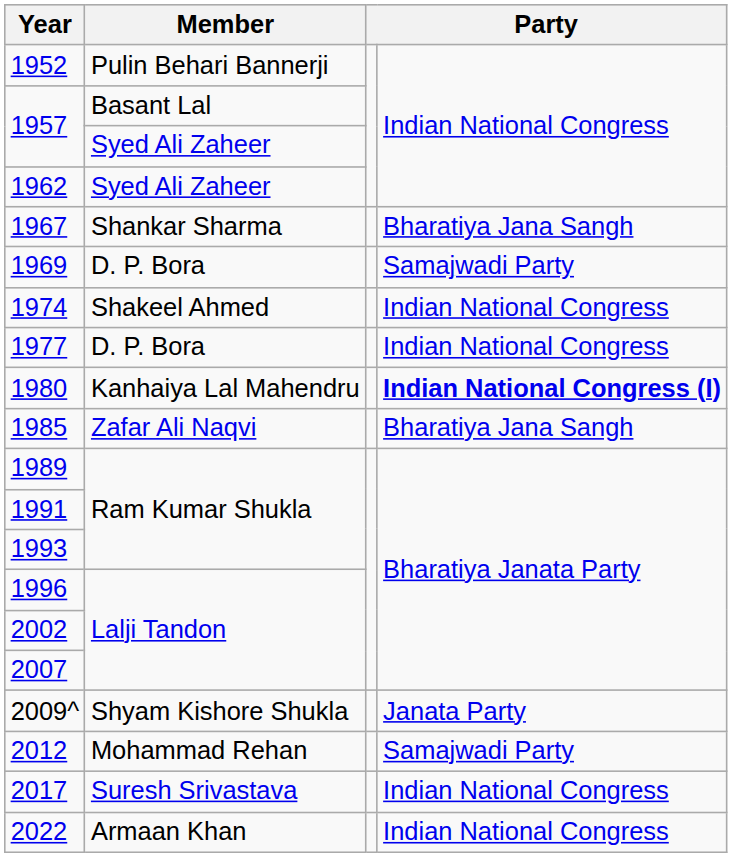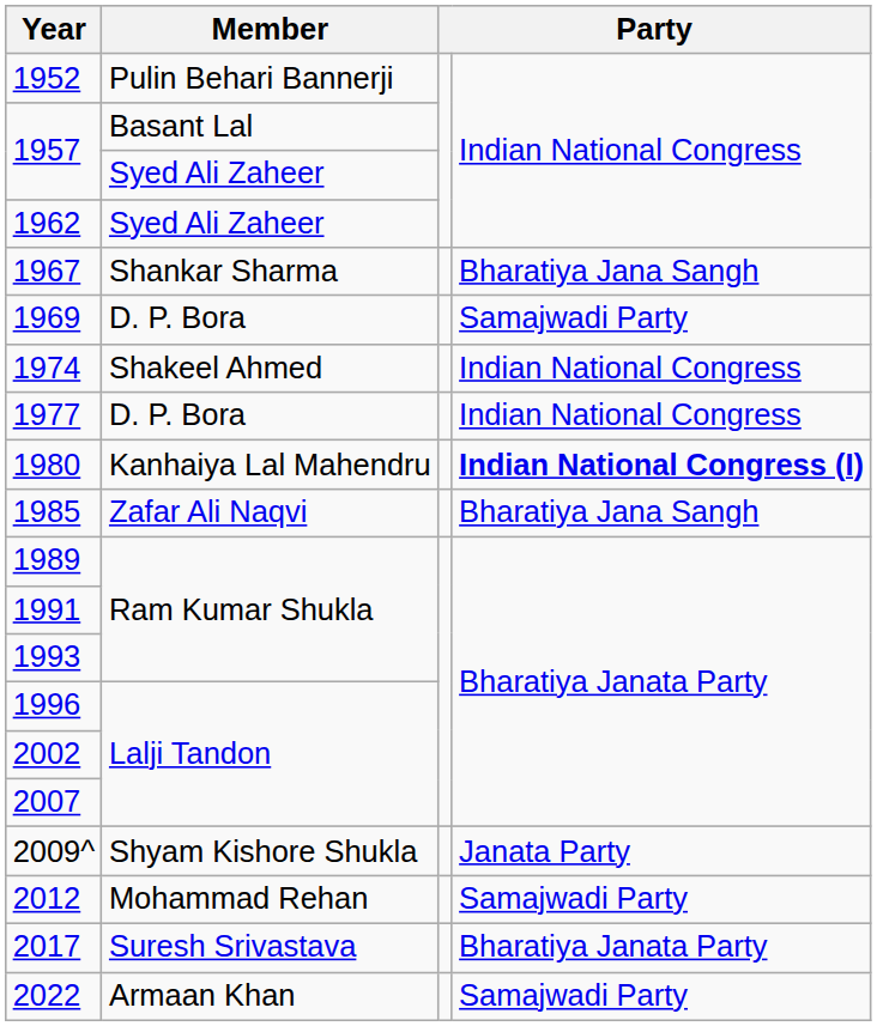 <table class="wikitable">
 <tr>
 <th>Year</th>
 <th>Member</th>
 <th colspan="2">Party</th>
 </tr>
 <tr>
 <td><a href='#'>1952</a></td>
 <td>Pulin Behari Bannerji</td>
 <td rowspan="4" style="background-color: "></td>
 <td rowspan="4"><a href='#'>Indian National Congress</a></td>
 </tr>
 <tr>
 <td rowspan="2"><a href='#'>1957</a></td>
 <td>Basant Lal</td>
 </tr>
 <tr>
 <td><a href='#'>Syed Ali Zaheer</a></td>
 </tr>
 <tr>
 <td><a href='#'>1962</a></td>
 <td><a href='#'>Syed Ali Zaheer</a></td>
 </tr>
 <tr>
 <td><a href='#'>1967</a></td>
 <td>Shankar Sharma</td>
 <td style="background-color: "></td>
 <td><a href='#'>Bharatiya Jana Sangh</a></td>
 </tr>
 <tr>
 <td><a href='#'>1969</a></td>
 <td>D. P. Bora</td>
 <td style="background-color: "></td>
 <td><a href='#'>Samajwadi Party</a></td>
 </tr>
 <tr>
 <td><a href='#'>1974</a></td>
 <td>Shakeel Ahmed</td>
 <td style="background-color: "></td>
 <td><a href='#'>Indian National Congress</a></td>
 </tr>
 <tr>
 <td><a href='#'>1977</a></td>
 <td>D. P. Bora</td>
 <td style="background-color: "></td>
 <td><a href='#'>Indian National Congress</a></td>
 </tr>
 <tr>
 <td><a href='#'>1980</a></td>
 <td>Kanhaiya Lal Mahendru</td>
 <td style="background-color: "></td>
 <td><strong><a href='#'>Indian National Congress (I)</a></strong></td>
 </tr>
 <tr>
 <td><a href='#'>1985</a></td>
 <td><a href='#'>Zafar Ali Naqvi</a></td>
 <td style="background-color: "></td>
 <td><a href='#'>Bharatiya Jana Sangh</a></td>
 </tr>
 <tr>
 <td><a href='#'>1989</a></td>
 <td rowspan="3">Ram Kumar Shukla</td>
 <td rowspan="6" style="background-color: "></td>
 <td rowspan="6"><a href='#'>Bharatiya Janata Party</a></td>
 </tr>
 <tr>
 <td><a href='#'>1991</a></td>
 </tr>
 <tr>
 <td><a href='#'>1993</a></td>
 </tr>
 <tr>
 <td><a href='#'>1996</a></td>
 <td rowspan="3"><a href='#'>Lalji Tandon</a></td>
 </tr>
 <tr>
 <td><a href='#'>2002</a></td>
 </tr>
 <tr>
 <td><a href='#'>2007</a></td>
 </tr>
 <tr>
 <td>2009^</td>
 <td>Shyam Kishore Shukla</td>
 <td style="background-color: "></td>
 <td><a href='#'>Janata Party</a></td>
 </tr>
 <tr>
 <td><a href='#'>2012</a></td>
 <td>Mohammad Rehan</td>
 <td style="background-color: "></td>
 <td><a href='#'>Samajwadi Party</a></td>
 </tr>
 <tr>
 <td><a href='#'>2017</a></td>
 <td><a href='#'>Suresh Srivastava</a></td>
 <td style="background-color: "></td>
-<td><a href='#'>Indian National Congress</a></td>
+<td><a href='#'>Bharatiya Janata Party</a></td>
 </tr>
 <tr>
 <td><a href='#'>2022</a></td>
 <td>Armaan Khan</td>
 <td style="background-color: "></td>
-<td><a href='#'>Indian National Congress</a></td>
+<td><a href='#'>Samajwadi Party</a></td>
 </tr>
 </table>
